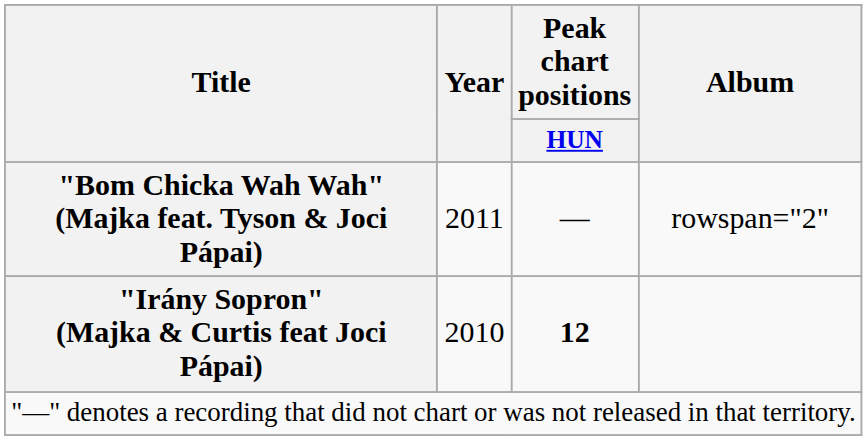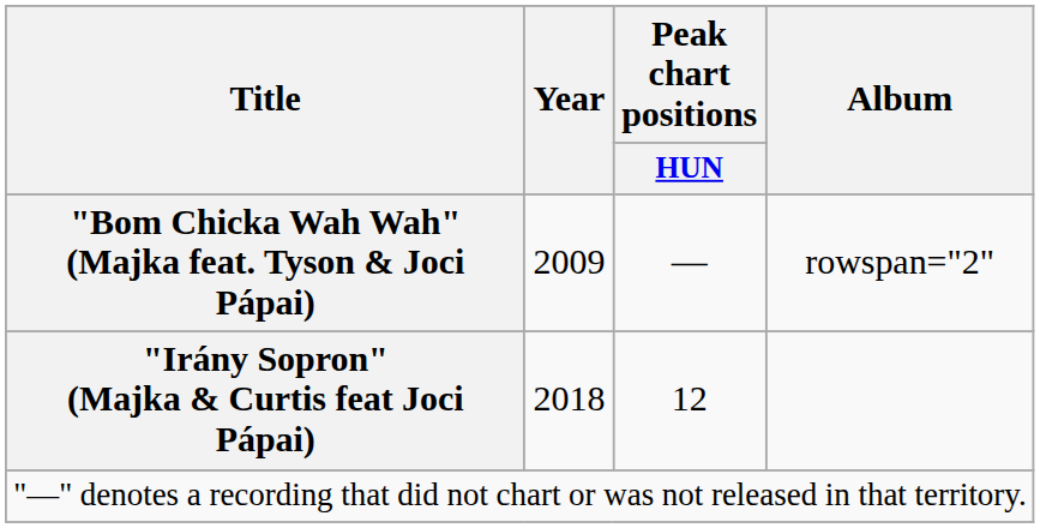 <table class="wikitable plainrowheaders" style="text-align:center;">
 <tr>
 <th scope="col" rowspan="2" style="width:14em;">Title</th>
 <th scope="col" rowspan="2" style="width:1em;">Year</th>
 <th scope="col" colspan="1">Peak chart positions</th>
 <th scope="col" rowspan="2">Album</th>
 </tr>
 <tr>
 <th scope="col" style="width:3em;font-size:85%;"><a href='#'>HUN</a><br></th>
 </tr>
 <tr>
 <th scope="row">"Bom Chicka Wah Wah"<br><span>(Majka feat. Tyson & Joci Pápai)</span></th>
-<td>2011</td>
+<td>2009</td>
 <td>—</td>
 <td>rowspan="2" </td>
 </tr>
 <tr>
 <th scope="row">"Irány Sopron"<br><span>(Majka & Curtis feat Joci Pápai)</span></th>
-<td>2010</td>
-<td><strong>12</strong></td>
+<td>2018</td>
+<td>12</td>
 </tr>
 <tr>
 <td colspan="14" style="font-size:90%">"—" denotes a recording that did not chart or was not released in that territory.</td>
 </tr>
 </table>
